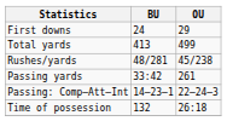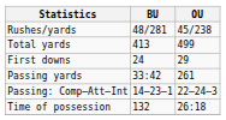 <table class="wikitable" style="float: left;">
 <tr>
 <th>Statistics</th>
 <th>BU</th>
 <th>OU</th>
 </tr>
 <tr>
-<td>First downs</td>
-<td>24</td>
-<td>29</td>
+<td>Rushes/yards</td>
+<td>48/281</td>
+<td>45/238</td>
 </tr>
 <tr>
 <td>Total yards</td>
 <td>413</td>
 <td>499</td>
 </tr>
 <tr>
-<td>Rushes/yards</td>
-<td>48/281</td>
-<td>45/238</td>
+<td>First downs</td>
+<td>24</td>
+<td>29</td>
 </tr>
 <tr>
 <td>Passing yards</td>
 <td>33:42</td>
 <td>261</td>
 </tr>
 <tr>
 <td>Passing: Comp–Att–Int</td>
 <td>14–23–1</td>
 <td>22–24–3</td>
 </tr>
 <tr>
 <td>Time of possession</td>
 <td>132</td>
 <td>26:18</td>
 </tr>
 <tr>
 </tr>
 </table>
